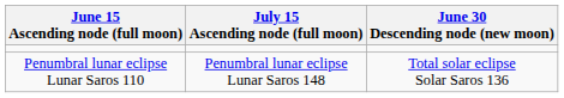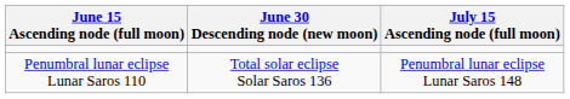 <table class="wikitable">
 <tr>
 <th><a href='#'>June 15</a><br>Ascending node (full moon)<br></th>
+<th><a href='#'>June 30</a><br>Descending node (new moon)<br></th>
 <th><a href='#'>July 15</a><br>Ascending node (full moon)<br></th>
-<th><a href='#'>June 30</a><br>Descending node (new moon)<br></th>
 </tr>
 <tr>
 <td></td>
 <td></td>
 <td></td>
 </tr>
 <tr align=center>
 <td><a href='#'>Penumbral lunar eclipse</a><br>Lunar Saros 110</td>
+<td><a href='#'>Total solar eclipse</a><br>Solar Saros 136</td>
 <td><a href='#'>Penumbral lunar eclipse</a><br>Lunar Saros 148</td>
-<td><a href='#'>Total solar eclipse</a><br>Solar Saros 136</td>
 </tr>
 </table>
